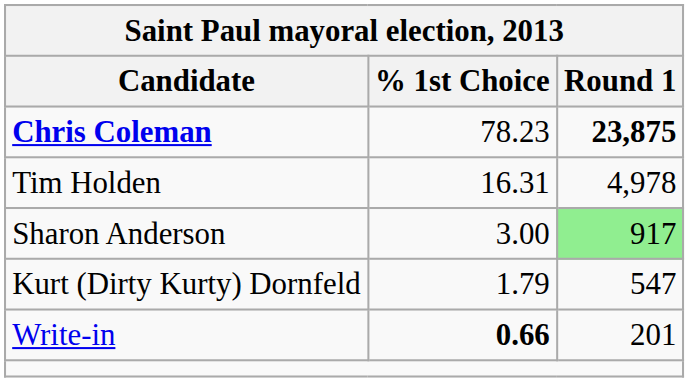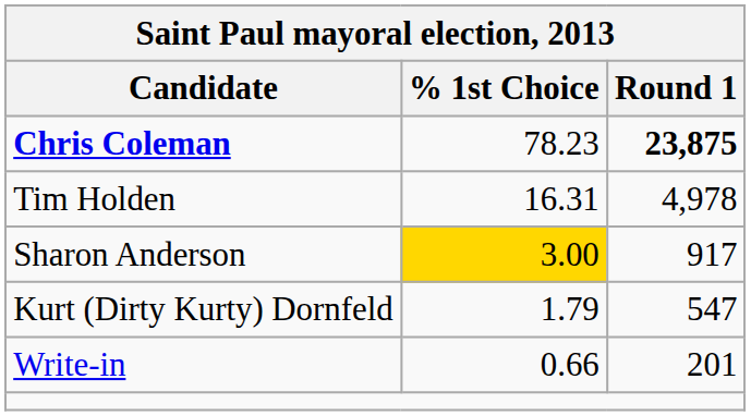 <table class="wikitable" style="font-size:95%">
 <tr>
 <th colspan="3">Saint Paul mayoral election, 2013</th>
 </tr>
 <tr>
 <th>Candidate</th>
 <th>% 1st Choice</th>
 <th>Round 1</th>
 </tr>
 <tr>
 <td><strong><a href='#'>Chris Coleman</a></strong></td>
 <td align="right">78.23</td>
 <td align="right"><strong>23,875</strong></td>
 </tr>
 <tr>
 <td>Tim Holden</td>
 <td align="right">16.31</td>
 <td align="right">4,978</td>
 </tr>
 <tr>
 <td>Sharon Anderson</td>
-<td align="right">3.00</td>
-<td align="right" style="background: lightgreen;">917</td>
+<td align="right" style="background: gold;">3.00</td>
+<td align="right">917</td>
 </tr>
 <tr>
 <td>Kurt (Dirty Kurty) Dornfeld</td>
 <td align="right">1.79</td>
 <td align="right">547</td>
 </tr>
 <tr>
 <td><a href='#'>Write-in</a></td>
-<td align="right"><strong>0.66</strong></td>
+<td align="right">0.66</td>
 <td align="right">201</td>
 </tr>
 <tr>
 <td colspan="3"></td>
 </tr>
 </table>
